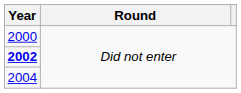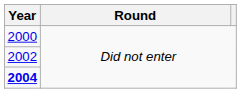 <table class="wikitable" style="text-align: center; font-size:90%">
 <tr>
 <th>Year</th>
 <th style="width:200px">Round</th>
 <th></th>
 </tr>
 <tr>
 <td><a href='#'>2000</a></td>
 <td colspan="2" rowspan="3"><em>Did not enter</em></td>
 </tr>
 <tr>
-<td><strong><a href='#'>2002</a></strong></td>
+<td><a href='#'>2002</a></td>
 </tr>
 <tr>
-<td><a href='#'>2004</a></td>
+<td><strong><a href='#'>2004</a></strong></td>
 </tr>
 </table>
